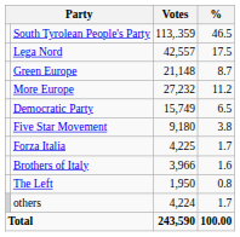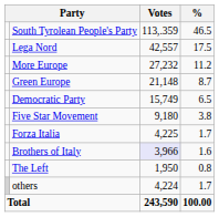 <table class="wikitable" style="font-size:95%">
 <tr>
 <th colspan=2>Party</th>
 <th>Votes</th>
 <th>%</th>
 </tr>
 <tr>
 <td></td>
 <td><a href='#'>South Tyrolean People's Party</a></td>
 <td align=right>113,.359</td>
 <td align=right>46.5</td>
 </tr>
 <tr>
 <td></td>
 <td><a href='#'>Lega Nord</a></td>
 <td align=right>42,557</td>
 <td align=right>17.5</td>
 </tr>
 <tr>
 <td></td>
+<td><a href='#'>More Europe</a></td>
+<td align=right>27,232</td>
+<td align=right>11.2</td>
+</tr>
+<tr>
+<td></td>
 <td><a href='#'>Green Europe</a></td>
 <td align=right>21,148</td>
 <td align=right>8.7</td>
-</tr>
-<tr>
-<td></td>
-<td><a href='#'>More Europe</a></td>
-<td align=right>27,232</td>
-<td align=right>11.2</td>
 </tr>
 <tr>
 <td></td>
 <td><a href='#'>Democratic Party</a></td>
 <td align=right>15,749</td>
 <td align=right>6.5</td>
 </tr>
 <tr>
 <td></td>
 <td><a href='#'>Five Star Movement</a></td>
 <td align=right>9,180</td>
 <td align=right>3.8</td>
 </tr>
 <tr>
 <td></td>
 <td><a href='#'>Forza Italia</a></td>
 <td align=right>4,225</td>
 <td align=right>1.7</td>
 </tr>
 <tr>
 <td></td>
 <td><a href='#'>Brothers of Italy</a></td>
-<td align=right>3,966</td>
+<td align=right style="background: lavender;">3,966</td>
 <td align=right>1.6</td>
 </tr>
 <tr>
 <td></td>
 <td><a href='#'>The Left</a></td>
 <td align=right>1,950</td>
 <td align=right>0.8</td>
 </tr>
 <tr>
 <td style="background-color: lightgrey"></td>
 <td>others</td>
 <td align=right>4,224</td>
 <td align=right>1.7</td>
 </tr>
 <tr>
 <td colspan=2><strong>Total</strong></td>
 <td align=right><strong>243,590</strong></td>
 <td align=right><strong>100.00</strong></td>
 </tr>
 </table>
